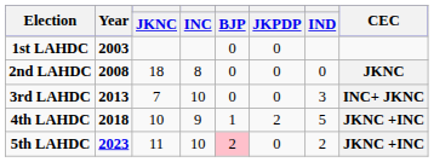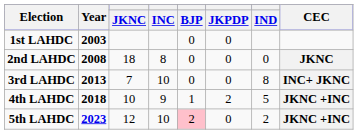 <table class="wikitable sortable" style="text-align:center;">
 <tr style="background:#00f;">
 <th rowspan="2">Election</th>
 <th rowspan="2">Year</th>
 <th></th>
 <th></th>
 <th></th>
 <th></th>
 <th></th>
 <th rowspan="2"><strong>CEC</strong></th>
 </tr>
 <tr>
 <th><a href='#'>JKNC</a></th>
 <th><a href='#'>INC</a></th>
 <th><a href='#'>BJP</a></th>
 <th><a href='#'>JKPDP</a></th>
 <th><a href='#'>IND</a></th>
 </tr>
 <tr>
 <td><strong>1st LAHDC</strong></td>
 <td><strong>2003</strong></td>
 <td></td>
 <td></td>
 <td>0</td>
 <td>0</td>
 <td></td>
 <td></td>
 </tr>
 <tr>
 <td><strong>2nd LAHDC</strong></td>
 <td><strong>2008</strong></td>
 <td>18</td>
 <td>8</td>
 <td>0</td>
 <td>0</td>
 <td>0</td>
 <th Style="background-color:">JKNC</th>
 </tr>
 <tr>
 <td><strong>3rd LAHDC</strong></td>
 <td><strong>2013</strong></td>
 <td>7</td>
 <td>10</td>
 <td>0</td>
 <td>0</td>
-<td>3</td>
+<td>8</td>
 <th Style="background-color:">INC+ JKNC</th>
 </tr>
 <tr>
 <td><strong>4th LAHDC</strong></td>
 <td><strong>2018</strong></td>
 <td>10</td>
 <td>9</td>
 <td>1</td>
 <td>2</td>
 <td>5</td>
 <th Style="background-color:">JKNC +INC</th>
 </tr>
 <tr>
 <td><strong>5th LAHDC</strong></td>
 <td><a href='#'><strong>2023</strong></a></td>
-<td>11</td>
+<td>12</td>
 <td>10</td>
 <td style="background: pink;">2</td>
 <td>0</td>
 <td>2</td>
 <th Style="background-color:">JKNC +INC</th>
 </tr>
 </table>
